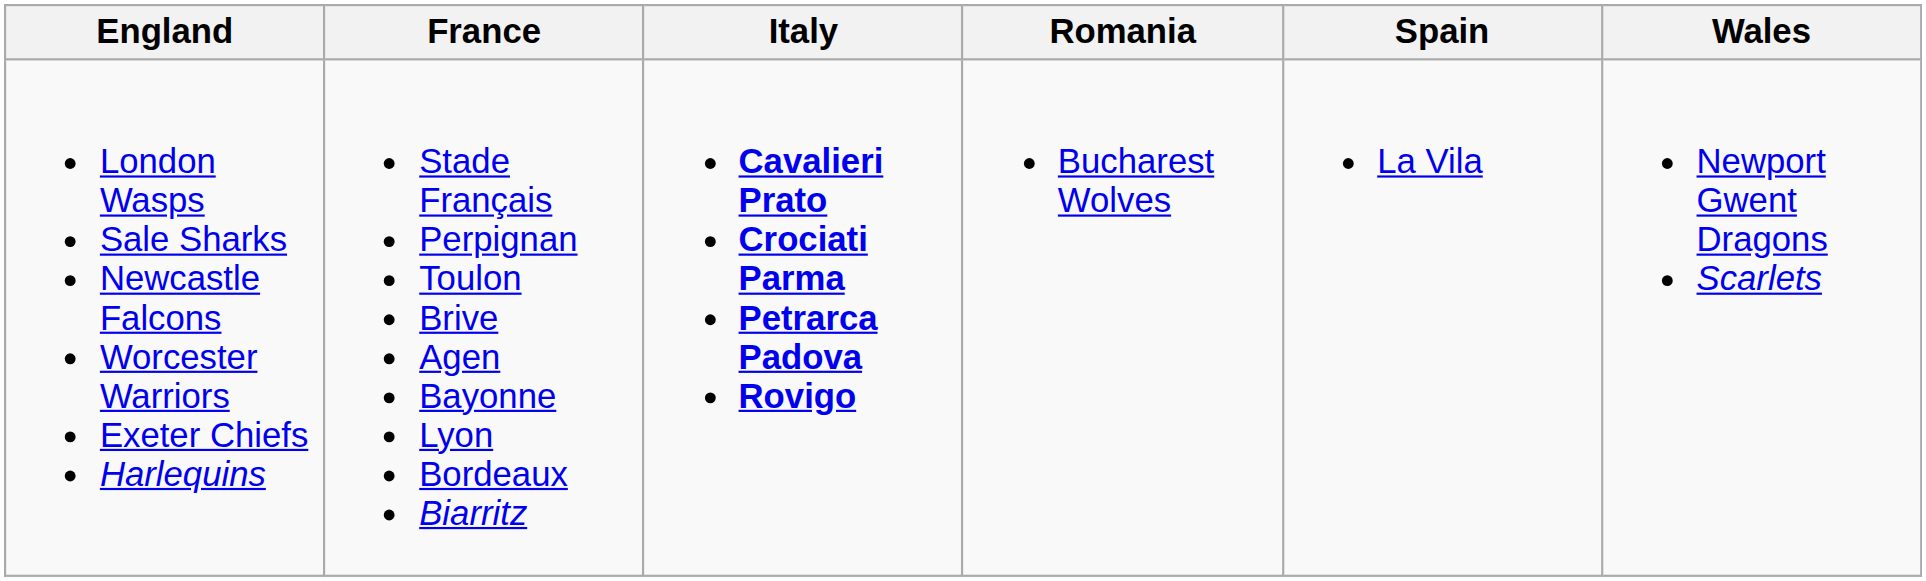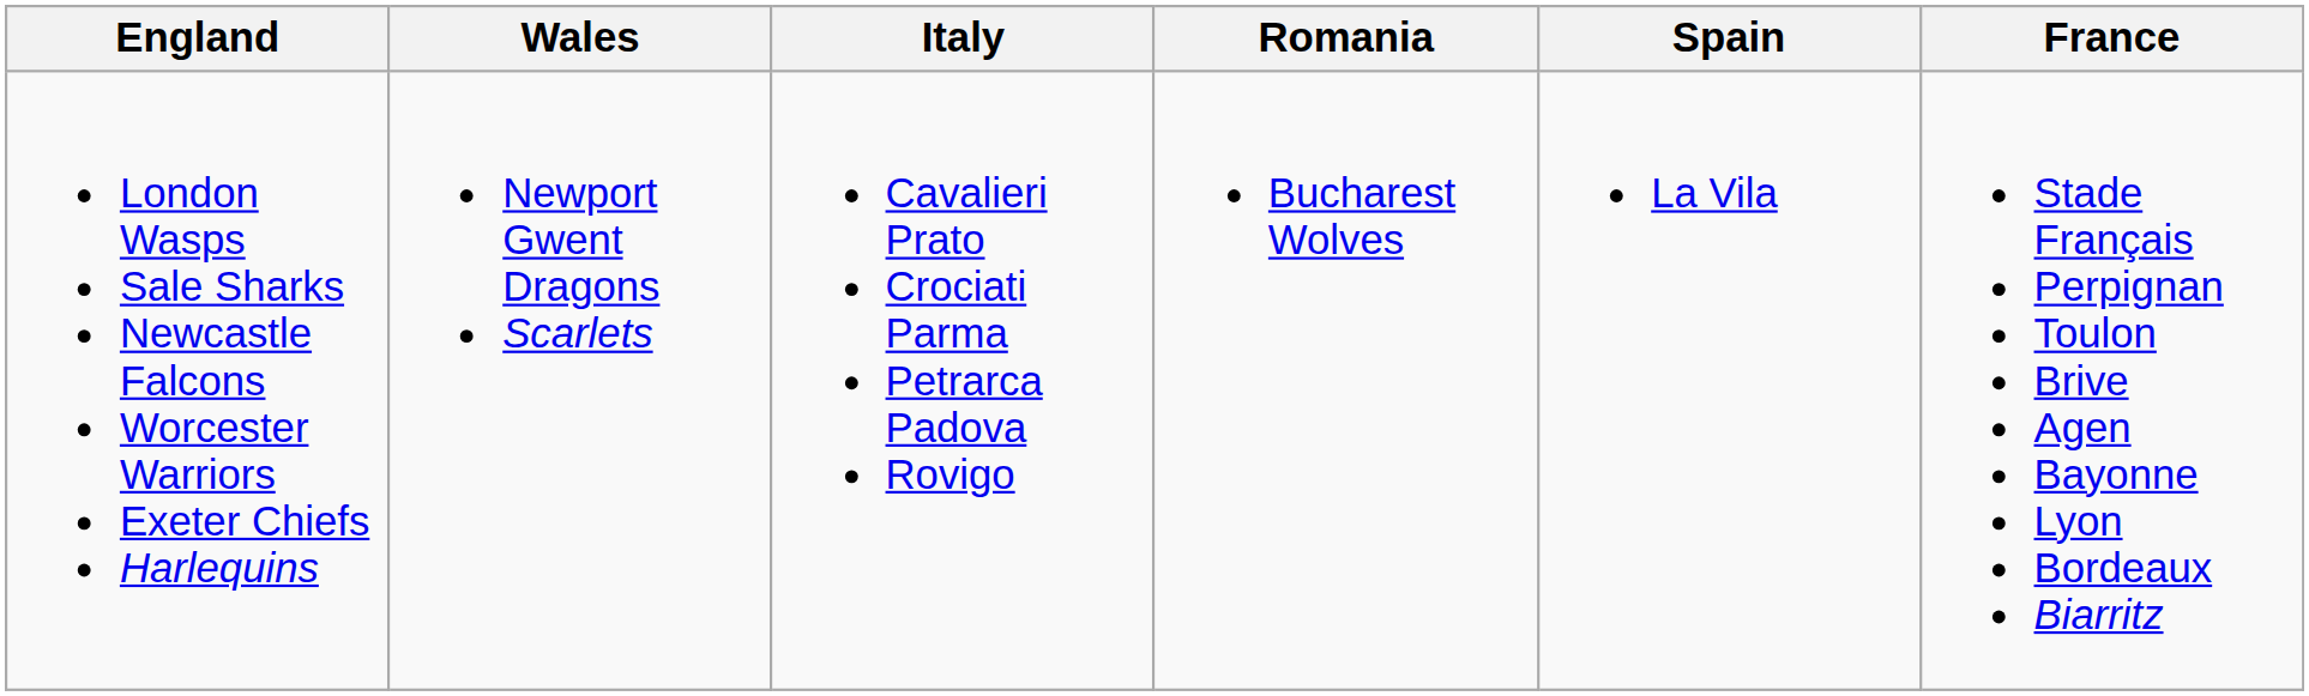 <table class="wikitable" style="width:100%;">
 <tr>
 <th width=16%>England</th>
-<th width=16%>France</th>
+<th width=16%>Wales</th>
 <th width=16%>Italy</th>
 <th width=16%>Romania</th>
 <th width=16%>Spain</th>
-<th width=16%>Wales</th>
+<th width=16%>France</th>
 </tr>
 <tr valign=top>
 <td><br><ul><li><a href='#'>London Wasps</a></li><li><a href='#'>Sale Sharks</a></li><li><a href='#'>Newcastle Falcons</a></li><li><a href='#'>Worcester Warriors</a></li><li><a href='#'>Exeter Chiefs</a></li><li><em><a href='#'>Harlequins</a></em></li></ul></td>
-<td><br><ul><li><a href='#'>Stade Français</a></li><li><a href='#'>Perpignan</a></li><li><a href='#'>Toulon</a></li><li><a href='#'>Brive</a></li><li><a href='#'>Agen</a></li><li><a href='#'>Bayonne</a></li><li><a href='#'>Lyon</a></li><li><a href='#'>Bordeaux</a></li><li><em><a href='#'>Biarritz</a></em></li></ul></td>
-<td><strong><br><ul><li><a href='#'>Cavalieri Prato</a></li><li><a href='#'>Crociati Parma</a></li><li><a href='#'>Petrarca Padova</a></li><li><a href='#'>Rovigo</a></li></ul></strong></td>
+<td><br><ul><li><a href='#'>Newport Gwent Dragons</a></li><li><em><a href='#'>Scarlets</a></em></li></ul></td>
+<td><br><ul><li><a href='#'>Cavalieri Prato</a></li><li><a href='#'>Crociati Parma</a></li><li><a href='#'>Petrarca Padova</a></li><li><a href='#'>Rovigo</a></li></ul></td>
 <td><br><ul><li><a href='#'>Bucharest Wolves</a></li></ul></td>
 <td><br><ul><li><a href='#'>La Vila</a></li></ul></td>
-<td><br><ul><li><a href='#'>Newport Gwent Dragons</a></li><li><em><a href='#'>Scarlets</a></em></li></ul></td>
+<td><br><ul><li><a href='#'>Stade Français</a></li><li><a href='#'>Perpignan</a></li><li><a href='#'>Toulon</a></li><li><a href='#'>Brive</a></li><li><a href='#'>Agen</a></li><li><a href='#'>Bayonne</a></li><li><a href='#'>Lyon</a></li><li><a href='#'>Bordeaux</a></li><li><em><a href='#'>Biarritz</a></em></li></ul></td>
 </tr>
 </table>
